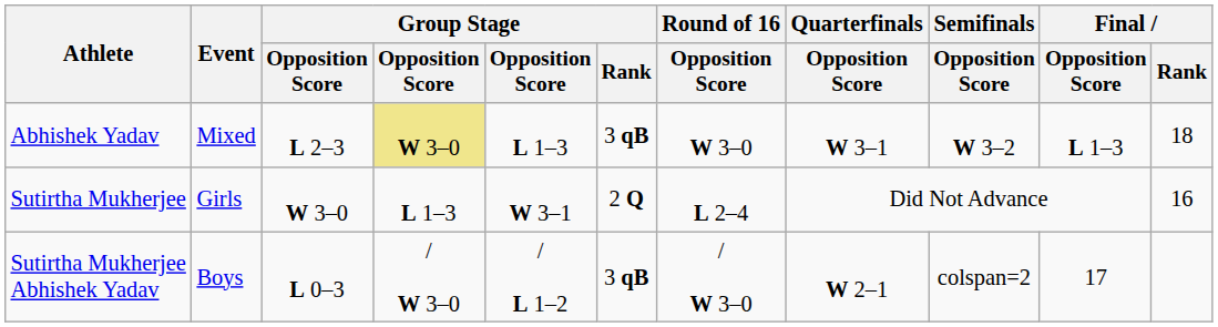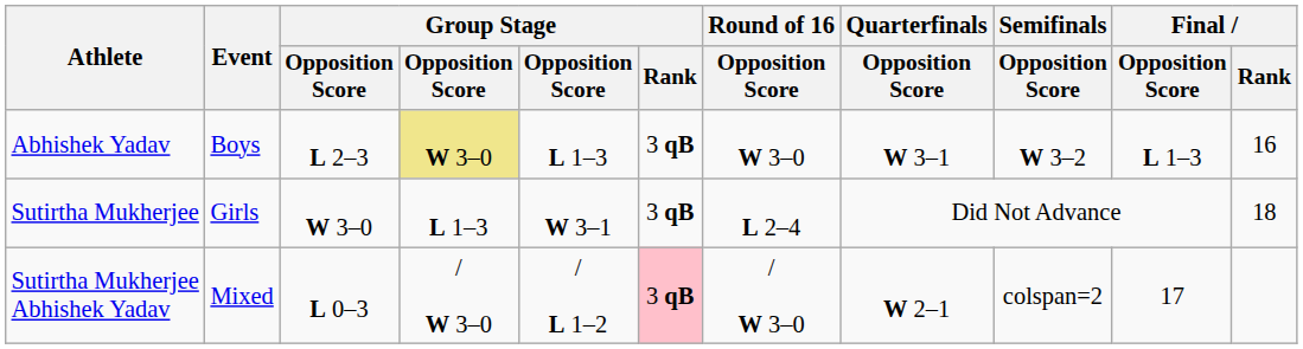 <table class=wikitable style="font-size:90%">
 <tr>
 <th rowspan=2>Athlete</th>
 <th rowspan=2>Event</th>
 <th colspan=4>Group Stage</th>
 <th>Round of 16</th>
 <th>Quarterfinals</th>
 <th>Semifinals</th>
 <th colspan=2>Final / </th>
 </tr>
 <tr style="font-size:95%">
 <th>Opposition<br>Score</th>
 <th>Opposition<br>Score</th>
 <th>Opposition<br>Score</th>
 <th>Rank</th>
 <th>Opposition<br>Score</th>
 <th>Opposition<br>Score</th>
 <th>Opposition<br>Score</th>
 <th>Opposition<br>Score</th>
 <th>Rank</th>
 </tr>
 <tr align=center>
 <td align=left><a href='#'>Abhishek Yadav</a></td>
-<td align=left><a href='#'>Mixed</a></td>
+<td align=left><a href='#'>Boys</a></td>
 <td><br><strong>L</strong> 2–3</td>
 <td style="background: khaki;"><br><strong>W</strong> 3–0</td>
 <td><br><strong>L</strong> 1–3</td>
 <td>3 <strong>qB</strong></td>
 <td><br><strong>W</strong> 3–0</td>
 <td><br><strong>W</strong> 3–1</td>
 <td><br><strong>W</strong> 3–2</td>
 <td><br><strong>L</strong> 1–3</td>
-<td>18</td>
+<td>16</td>
 </tr>
 <tr align=center>
 <td align=left><a href='#'>Sutirtha Mukherjee</a></td>
 <td align=left><a href='#'>Girls</a></td>
 <td><br><strong>W</strong> 3–0</td>
 <td><br><strong>L</strong> 1–3</td>
 <td><br><strong>W</strong> 3–1</td>
-<td>2 <strong>Q</strong></td>
+<td>3 <strong>qB</strong></td>
 <td><br><strong>L</strong> 2–4</td>
 <td colspan=3>Did Not Advance</td>
-<td>16</td>
+<td>18</td>
 </tr>
 <tr align=center>
 <td align=left><a href='#'>Sutirtha Mukherjee</a><br><a href='#'>Abhishek Yadav</a></td>
-<td align=left><a href='#'>Boys</a></td>
+<td align=left><a href='#'>Mixed</a></td>
 <td><br><strong>L</strong> 0–3</td>
 <td> /<br><br><strong>W</strong> 3–0</td>
 <td> /<br><br><strong>L</strong> 1–2</td>
-<td>3 <strong>qB</strong></td>
+<td style="background: pink;">3 <strong>qB</strong></td>
 <td> /<br><br><strong>W</strong> 3–0</td>
 <td><br><strong>W</strong> 2–1</td>
 <td>colspan=2 </td>
 <td>17</td>
 </tr>
 </table>
